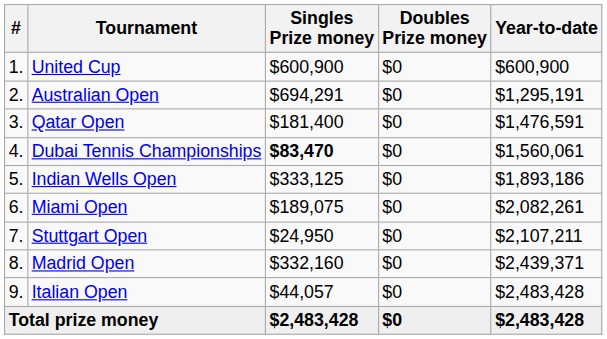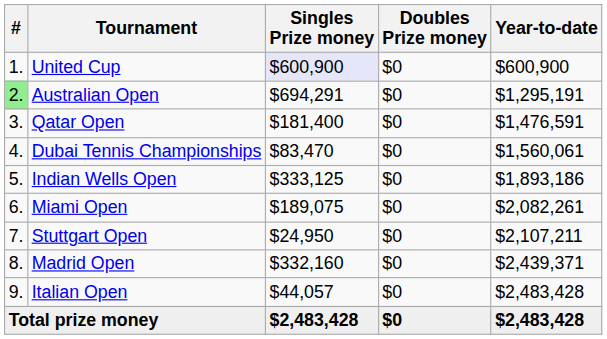 <table class="wikitable sortable">
 <tr>
 <th>#</th>
 <th>Tournament</th>
 <th>Singles<br>Prize money</th>
 <th>Doubles<br>Prize money</th>
 <th>Year-to-date</th>
 </tr>
 <tr>
 <td>1.</td>
 <td><a href='#'>United Cup</a></td>
-<td>$600,900</td>
+<td style="background: lavender;">$600,900</td>
 <td>$0</td>
 <td>$600,900</td>
 </tr>
 <tr>
-<td>2.</td>
+<td style="background: lightgreen;">2.</td>
 <td><a href='#'>Australian Open</a></td>
 <td>$694,291</td>
 <td>$0</td>
 <td>$1,295,191</td>
 </tr>
 <tr>
 <td>3.</td>
 <td><a href='#'>Qatar Open</a></td>
 <td>$181,400</td>
 <td>$0</td>
 <td>$1,476,591</td>
 </tr>
 <tr>
 <td>4.</td>
 <td><a href='#'>Dubai Tennis Championships</a></td>
-<td><strong>$83,470</strong></td>
+<td>$83,470</td>
 <td>$0</td>
 <td>$1,560,061</td>
 </tr>
 <tr>
 <td>5.</td>
 <td><a href='#'>Indian Wells Open</a></td>
 <td>$333,125</td>
 <td>$0</td>
 <td>$1,893,186</td>
 </tr>
 <tr>
 <td>6.</td>
 <td><a href='#'>Miami Open</a></td>
 <td>$189,075</td>
 <td>$0</td>
 <td>$2,082,261</td>
 </tr>
 <tr>
 <td>7.</td>
 <td><a href='#'>Stuttgart Open</a></td>
 <td>$24,950</td>
 <td>$0</td>
 <td>$2,107,211</td>
 </tr>
 <tr>
 <td>8.</td>
 <td><a href='#'>Madrid Open</a></td>
 <td>$332,160</td>
 <td>$0</td>
 <td>$2,439,371</td>
 </tr>
 <tr>
 <td>9.</td>
 <td><a href='#'>Italian Open</a></td>
 <td>$44,057</td>
 <td>$0</td>
 <td>$2,483,428</td>
 </tr>
 <tr style="background:#efefef">
 <td colspan="2"><strong>Total prize money</strong></td>
 <td><strong>$2,483,428</strong></td>
 <td><strong>$0</strong></td>
 <td><strong>$2,483,428</strong></td>
 </tr>
 </table>
